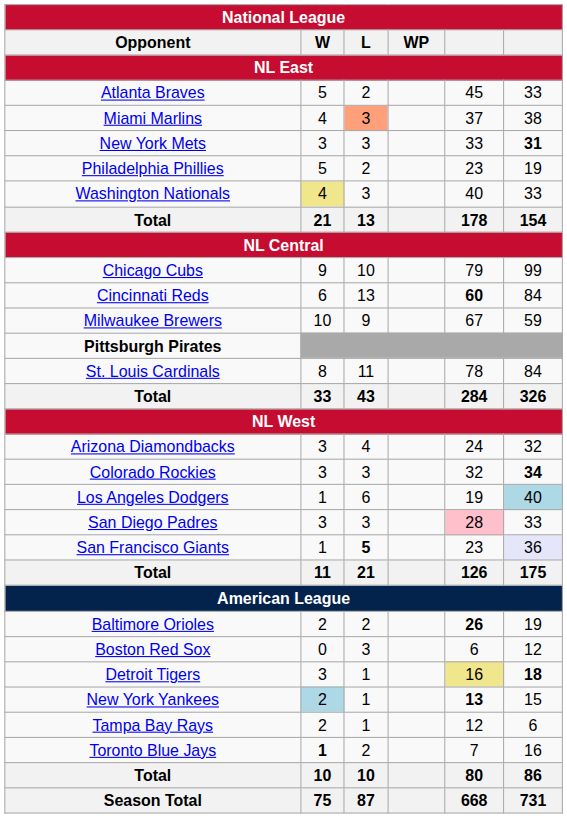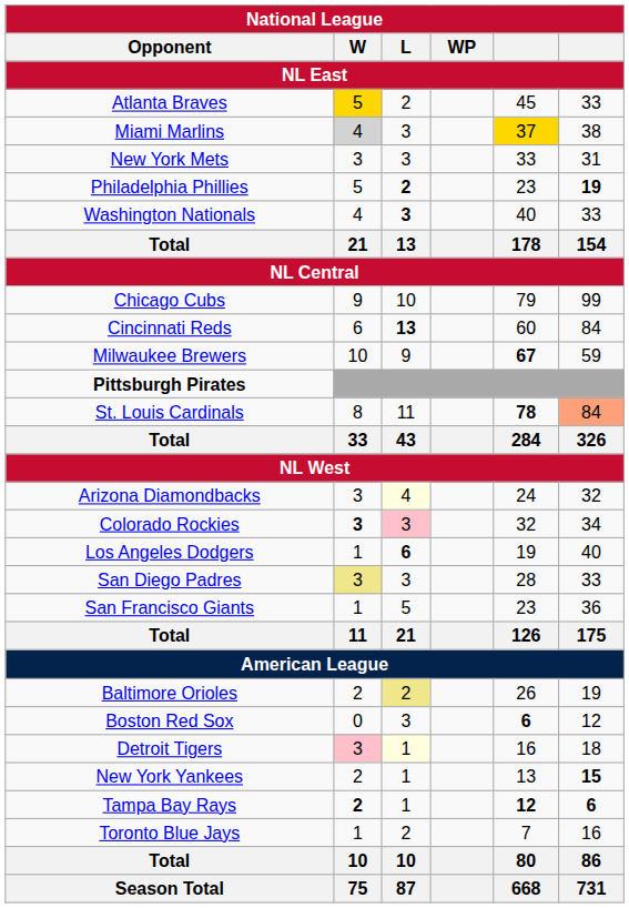 <table class="wikitable" style="font-size:95%; text-align:center; width:35em;margin: 0.5em auto;">
 <tr>
 <th colspan="7" style="background:#c60c30; color:#ffffff;">National League</th>
 </tr>
 <tr>
 <th>Opponent</th>
 <th>W</th>
 <th>L</th>
 <th>WP</th>
 <th></th>
 <th></th>
 </tr>
 <tr>
 <th colspan="7" style="background:#c60c30; color:#ffffff;">NL East</th>
 </tr>
 <tr>
 <td><a href='#'>Atlanta Braves</a></td>
-<td>5</td>
+<td style="background: gold;">5</td>
 <td>2</td>
 <td></td>
 <td>45</td>
 <td>33</td>
 </tr>
 <tr>
 <td><a href='#'>Miami Marlins</a></td>
-<td>4</td>
-<td style="background: lightsalmon;">3</td>
+<td style="background: lightgrey;">4</td>
+<td>3</td>
 <td></td>
-<td>37</td>
+<td style="background: gold;">37</td>
 <td>38</td>
 </tr>
 <tr>
 <td><a href='#'>New York Mets</a></td>
 <td>3</td>
 <td>3</td>
 <td></td>
 <td>33</td>
-<td><strong>31</strong></td>
+<td>31</td>
 </tr>
 <tr>
 <td><a href='#'>Philadelphia Phillies</a></td>
 <td>5</td>
-<td>2</td>
+<td><strong>2</strong></td>
 <td></td>
 <td>23</td>
-<td>19</td>
+<td><strong>19</strong></td>
 </tr>
 <tr>
 <td><a href='#'>Washington Nationals</a></td>
-<td style="background: khaki;">4</td>
-<td>3</td>
+<td>4</td>
+<td><strong>3</strong></td>
 <td></td>
 <td>40</td>
 <td>33</td>
 </tr>
 <tr>
 <th>Total</th>
 <th>21</th>
 <th>13</th>
 <th></th>
 <th>178</th>
 <th>154</th>
 </tr>
 <tr>
 <th colspan="7" style="background:#c60c30; color:#ffffff;">NL Central</th>
 </tr>
 <tr>
 <td><a href='#'>Chicago Cubs</a></td>
 <td>9</td>
 <td>10</td>
 <td></td>
 <td>79</td>
 <td>99</td>
 </tr>
 <tr>
 <td><a href='#'>Cincinnati Reds</a></td>
 <td>6</td>
-<td>13</td>
+<td><strong>13</strong></td>
 <td></td>
-<td><strong>60</strong></td>
+<td>60</td>
 <td>84</td>
 </tr>
 <tr>
 <td><a href='#'>Milwaukee Brewers</a></td>
 <td>10</td>
 <td>9</td>
 <td></td>
-<td>67</td>
+<td><strong>67</strong></td>
 <td>59</td>
 </tr>
 <tr>
 <td><strong>Pittsburgh Pirates</strong></td>
 <td colspan=5 style="background:darkgray;"></td>
 </tr>
 <tr>
 <td><a href='#'>St. Louis Cardinals</a></td>
 <td>8</td>
 <td>11</td>
 <td></td>
-<td>78</td>
-<td>84</td>
+<td><strong>78</strong></td>
+<td style="background: lightsalmon;">84</td>
 </tr>
 <tr>
 <th>Total</th>
 <th>33</th>
 <th>43</th>
 <th></th>
 <th>284</th>
 <th>326</th>
 </tr>
 <tr>
 <th colspan="7" style="background:#c60c30; color:#ffffff;">NL West</th>
 </tr>
 <tr>
 <td><a href='#'>Arizona Diamondbacks</a></td>
 <td>3</td>
-<td>4</td>
+<td style="background: lightyellow;">4</td>
 <td></td>
 <td>24</td>
 <td>32</td>
 </tr>
 <tr>
 <td><a href='#'>Colorado Rockies</a></td>
-<td>3</td>
-<td>3</td>
+<td><strong>3</strong></td>
+<td style="background: pink;">3</td>
 <td></td>
 <td>32</td>
-<td><strong>34</strong></td>
+<td>34</td>
 </tr>
 <tr>
 <td><a href='#'>Los Angeles Dodgers</a></td>
 <td>1</td>
-<td>6</td>
+<td><strong>6</strong></td>
 <td></td>
 <td>19</td>
-<td style="background: lightblue;">40</td>
+<td>40</td>
 </tr>
 <tr>
 <td><a href='#'>San Diego Padres</a></td>
-<td>3</td>
+<td style="background: khaki;">3</td>
 <td>3</td>
 <td></td>
-<td style="background: pink;">28</td>
+<td>28</td>
 <td>33</td>
 </tr>
 <tr>
 <td><a href='#'>San Francisco Giants</a></td>
 <td>1</td>
-<td><strong>5</strong></td>
+<td>5</td>
 <td></td>
 <td>23</td>
-<td style="background: lavender;">36</td>
+<td>36</td>
 </tr>
 <tr>
 <th>Total</th>
 <th>11</th>
 <th>21</th>
 <th></th>
 <th>126</th>
 <th>175</th>
 </tr>
 <tr>
 <th colspan="7" style="background:#03224c; color:#ffffff;">American League</th>
 </tr>
 <tr>
 <td><a href='#'>Baltimore Orioles</a></td>
 <td>2</td>
-<td>2</td>
+<td style="background: khaki;">2</td>
 <td></td>
-<td><strong>26</strong></td>
+<td>26</td>
 <td>19</td>
 </tr>
 <tr>
 <td><a href='#'>Boston Red Sox</a></td>
 <td>0</td>
 <td>3</td>
 <td></td>
-<td>6</td>
+<td><strong>6</strong></td>
 <td>12</td>
 </tr>
 <tr>
 <td><a href='#'>Detroit Tigers</a></td>
-<td>3</td>
-<td>1</td>
+<td style="background: pink;">3</td>
+<td style="background: lightyellow;">1</td>
 <td></td>
-<td style="background: khaki;">16</td>
-<td><strong>18</strong></td>
+<td>16</td>
+<td>18</td>
 </tr>
 <tr>
 <td><a href='#'>New York Yankees</a></td>
-<td style="background: lightblue;">2</td>
+<td>2</td>
 <td>1</td>
 <td></td>
-<td><strong>13</strong></td>
-<td>15</td>
+<td>13</td>
+<td><strong>15</strong></td>
 </tr>
 <tr>
 <td><a href='#'>Tampa Bay Rays</a></td>
-<td>2</td>
+<td><strong>2</strong></td>
 <td>1</td>
 <td></td>
-<td>12</td>
-<td>6</td>
+<td><strong>12</strong></td>
+<td><strong>6</strong></td>
 </tr>
 <tr>
 <td><a href='#'>Toronto Blue Jays</a></td>
-<td><strong>1</strong></td>
+<td>1</td>
 <td>2</td>
 <td></td>
 <td>7</td>
 <td>16</td>
 </tr>
 <tr>
 <th>Total</th>
 <th>10</th>
 <th>10</th>
 <th></th>
 <th>80</th>
 <th>86</th>
 </tr>
 <tr>
 <th>Season Total</th>
 <th>75</th>
 <th>87</th>
 <th></th>
 <th>668</th>
 <th>731</th>
 </tr>
 </table>
